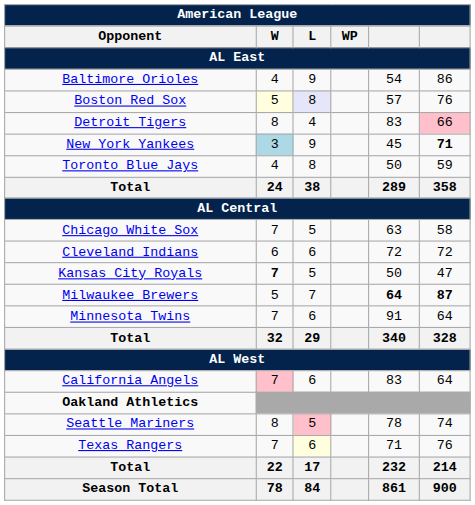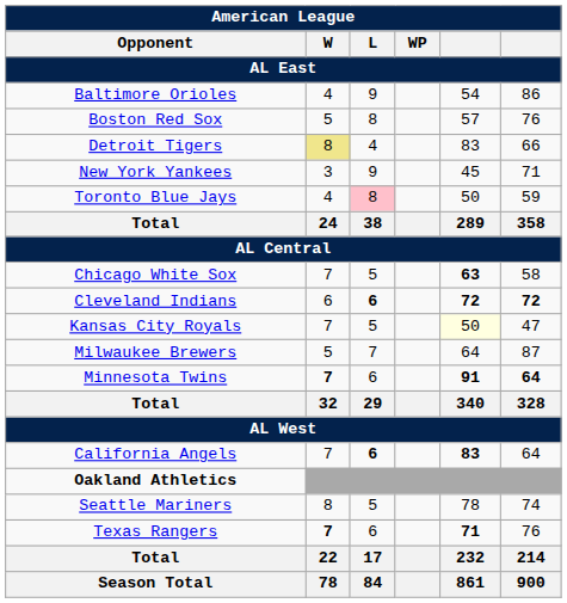 <table class="wikitable" style="font-size:95%; text-align:center; width:35em;margin: 0.5em auto;">
 <tr>
 <th colspan="7" style="background:#03224c; color:#ffffff;">American League</th>
 </tr>
 <tr>
 <th>Opponent</th>
 <th>W</th>
 <th>L</th>
 <th>WP</th>
 <th></th>
 <th></th>
 </tr>
 <tr>
 <th colspan="7" style="background:#03224c; color:#ffffff;">AL East</th>
 </tr>
 <tr>
 <td><a href='#'>Baltimore Orioles</a></td>
 <td>4</td>
 <td>9</td>
 <td></td>
 <td>54</td>
 <td>86</td>
 </tr>
 <tr>
 <td><a href='#'>Boston Red Sox</a></td>
-<td style="background: lightyellow;">5</td>
-<td style="background: lavender;">8</td>
+<td>5</td>
+<td>8</td>
 <td></td>
 <td>57</td>
 <td>76</td>
 </tr>
 <tr>
 <td><a href='#'>Detroit Tigers</a></td>
-<td>8</td>
+<td style="background: khaki;">8</td>
 <td>4</td>
 <td></td>
 <td>83</td>
-<td style="background: pink;">66</td>
+<td>66</td>
 </tr>
 <tr>
 <td><a href='#'>New York Yankees</a></td>
-<td style="background: lightblue;">3</td>
+<td>3</td>
 <td>9</td>
 <td></td>
 <td>45</td>
-<td><strong>71</strong></td>
+<td>71</td>
 </tr>
 <tr>
 <td><a href='#'>Toronto Blue Jays</a></td>
 <td>4</td>
-<td>8</td>
+<td style="background: pink;">8</td>
 <td></td>
 <td>50</td>
 <td>59</td>
 </tr>
 <tr>
 <th>Total</th>
 <th>24</th>
 <th>38</th>
 <th></th>
 <th>289</th>
 <th>358</th>
 </tr>
 <tr>
 <th colspan="7" style="background:#03224c; color:#ffffff;">AL Central</th>
 </tr>
 <tr>
 <td><a href='#'>Chicago White Sox</a></td>
 <td>7</td>
 <td>5</td>
 <td></td>
-<td>63</td>
+<td><strong>63</strong></td>
 <td>58</td>
 </tr>
 <tr>
 <td><a href='#'>Cleveland Indians</a></td>
 <td>6</td>
-<td>6</td>
+<td><strong>6</strong></td>
 <td></td>
-<td>72</td>
-<td>72</td>
+<td><strong>72</strong></td>
+<td><strong>72</strong></td>
 </tr>
 <tr>
 <td><a href='#'>Kansas City Royals</a></td>
-<td><strong>7</strong></td>
+<td>7</td>
 <td>5</td>
 <td></td>
-<td>50</td>
+<td style="background: lightyellow;">50</td>
 <td>47</td>
 </tr>
 <tr>
 <td><a href='#'>Milwaukee Brewers</a></td>
 <td>5</td>
 <td>7</td>
 <td></td>
-<td><strong>64</strong></td>
-<td><strong>87</strong></td>
+<td>64</td>
+<td>87</td>
 </tr>
 <tr>
 <td><a href='#'>Minnesota Twins</a></td>
-<td>7</td>
+<td><strong>7</strong></td>
 <td>6</td>
 <td></td>
-<td>91</td>
-<td>64</td>
+<td><strong>91</strong></td>
+<td><strong>64</strong></td>
 </tr>
 <tr>
 <th>Total</th>
 <th>32</th>
 <th>29</th>
 <th></th>
 <th>340</th>
 <th>328</th>
 </tr>
 <tr>
 <th colspan="7" style="background:#03224c; color:#ffffff;">AL West</th>
 </tr>
 <tr>
 <td><a href='#'>California Angels</a></td>
-<td style="background: pink;">7</td>
-<td>6</td>
+<td>7</td>
+<td><strong>6</strong></td>
 <td></td>
-<td>83</td>
+<td><strong>83</strong></td>
 <td>64</td>
 </tr>
 <tr>
 <td><strong>Oakland Athletics</strong></td>
 <td colspan=5 style="background:darkgray;"></td>
 </tr>
 <tr>
 <td><a href='#'>Seattle Mariners</a></td>
 <td>8</td>
-<td style="background: pink;">5</td>
+<td>5</td>
 <td></td>
 <td>78</td>
 <td>74</td>
 </tr>
 <tr>
 <td><a href='#'>Texas Rangers</a></td>
-<td>7</td>
-<td style="background: lightyellow;">6</td>
+<td><strong>7</strong></td>
+<td>6</td>
 <td></td>
-<td>71</td>
+<td><strong>71</strong></td>
 <td>76</td>
 </tr>
 <tr>
 <th>Total</th>
 <th>22</th>
 <th>17</th>
 <th></th>
 <th>232</th>
 <th>214</th>
 </tr>
 <tr>
 <th>Season Total</th>
 <th>78</th>
 <th>84</th>
 <th></th>
 <th>861</th>
 <th>900</th>
 </tr>
 </table>
